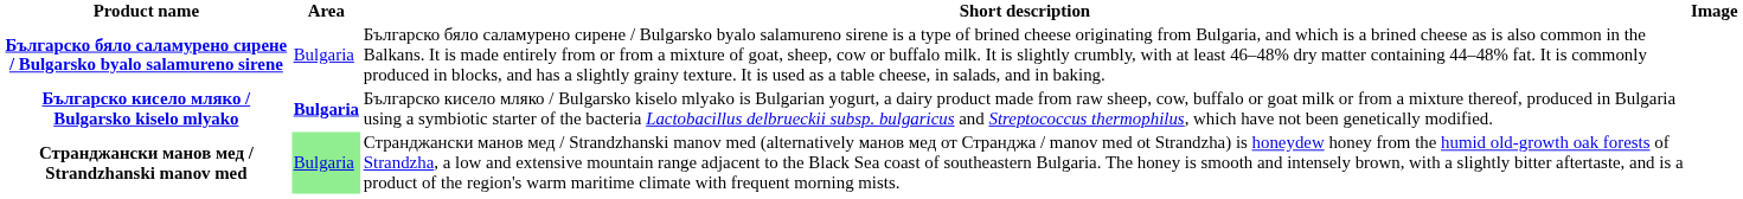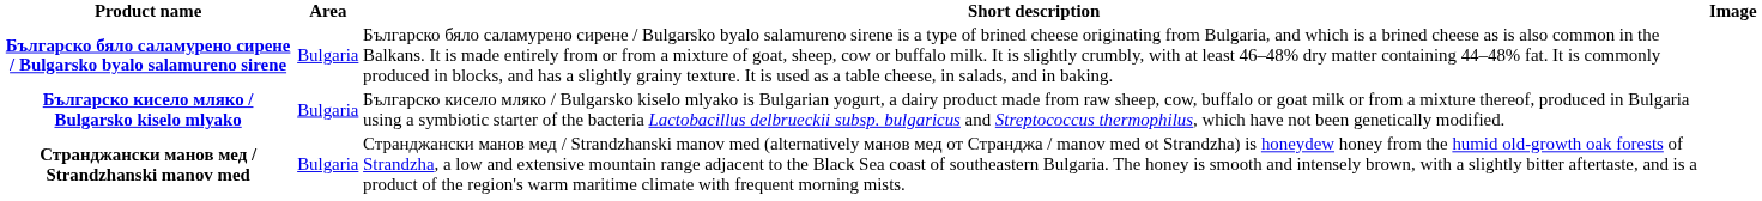 <table>
 <tr>
 <th>Product name</th>
 <th>Area</th>
 <th>Short description</th>
 <th>Image</th>
 </tr>
 <tr>
 <th><a href='#'>Българско бяло саламурено сирене / Bulgarsko byalo salamureno sirene</a></th>
 <td><a href='#'>Bulgaria</a></td>
 <td>Българско бяло саламурено сирене / Bulgarsko byalo salamureno sirene is a type of brined cheese originating from Bulgaria, and which is a brined cheese as is also common in the Balkans. It is made entirely from or from a mixture of goat, sheep, cow or buffalo milk. It is slightly crumbly, with at least 46–48% dry matter containing 44–48% fat. It is commonly produced in blocks, and has a slightly grainy texture. It is used as a table cheese, in salads, and in baking.</td>
 <td></td>
 </tr>
 <tr>
 <th><a href='#'>Българско кисело мляко / Bulgarsko kiselo mlyako</a></th>
-<td><strong><a href='#'>Bulgaria</a></strong></td>
+<td><a href='#'>Bulgaria</a></td>
 <td>Българско кисело мляко / Bulgarsko kiselo mlyako is Bulgarian yogurt, a dairy product made from raw sheep, cow, buffalo or goat milk or from a mixture thereof, produced in Bulgaria using a symbiotic starter of the bacteria <em><a href='#'>Lactobacillus delbrueckii subsp. bulgaricus</a></em> and <em><a href='#'>Streptococcus thermophilus</a></em>, which have not been genetically modified.</td>
 <td></td>
 </tr>
 <tr>
 <th>Странджански манов мед / Strandzhanski manov med</th>
-<td style="background: lightgreen;"><a href='#'>Bulgaria</a></td>
+<td><a href='#'>Bulgaria</a></td>
 <td>Странджански манов мед / Strandzhanski manov med (alternatively манов мед от Странджа / manov med ot Strandzha) is <a href='#'>honeydew</a> honey from the <a href='#'>humid old-growth oak forests</a> of <a href='#'>Strandzha</a>, a low and extensive mountain range adjacent to the Black Sea coast of southeastern Bulgaria. The honey is smooth and intensely brown, with a slightly bitter aftertaste, and is a product of the region's warm maritime climate with frequent morning mists.</td>
 <td></td>
 <td></td>
 </tr>
 </table>
